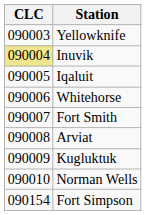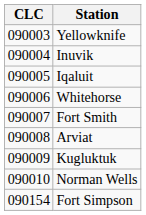 <table class="wikitable" style="line-height: 100%;">
 <tr>
 <th>CLC</th>
 <th>Station</th>
 </tr>
 <tr>
 <td>090003</td>
 <td>Yellowknife</td>
 </tr>
 <tr>
-<td style="background: khaki;">090004</td>
+<td>090004</td>
 <td>Inuvik</td>
 </tr>
 <tr>
 <td>090005</td>
 <td>Iqaluit</td>
 </tr>
 <tr>
 <td>090006</td>
 <td>Whitehorse</td>
 </tr>
 <tr>
 <td>090007</td>
 <td>Fort Smith</td>
 </tr>
 <tr>
 <td>090008</td>
 <td>Arviat</td>
 </tr>
 <tr>
 <td>090009</td>
 <td>Kugluktuk</td>
 </tr>
 <tr>
 <td>090010</td>
 <td>Norman Wells</td>
 </tr>
 <tr>
 <td>090154</td>
 <td>Fort Simpson</td>
 </tr>
 </table>
